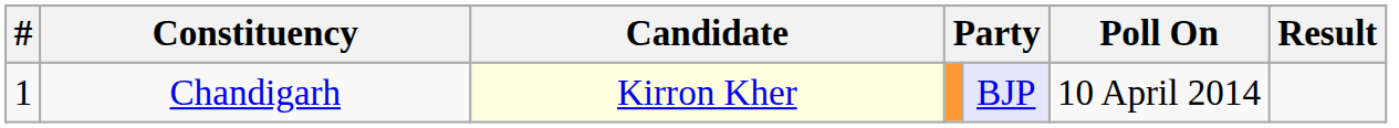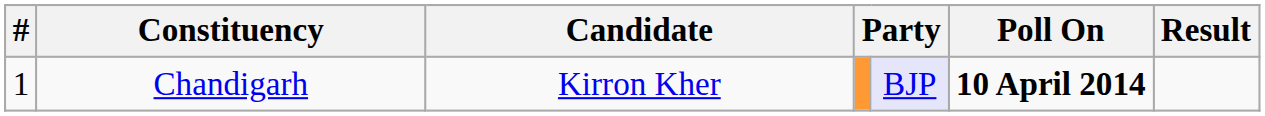 <table class="wikitable sortable" style="text-align:center;">
 <tr>
 <th>#</th>
 <th style="width:180px;">Constituency</th>
 <th style="width:200px;">Candidate</th>
 <th colspan="2">Party</th>
 <th>Poll On</th>
 <th>Result</th>
 </tr>
 <tr>
 <td style="text-align:center;">1</td>
 <td><a href='#'>Chandigarh</a></td>
-<td style="background: lightyellow;"><a href='#'>Kirron Kher</a></td>
+<td><a href='#'>Kirron Kher</a></td>
 <td bgcolor=#FF9933></td>
 <td style="background: lavender;"><a href='#'>BJP</a></td>
-<td>10 April 2014</td>
+<td><strong>10 April 2014</strong></td>
 <td></td>
 </tr>
 </table>
